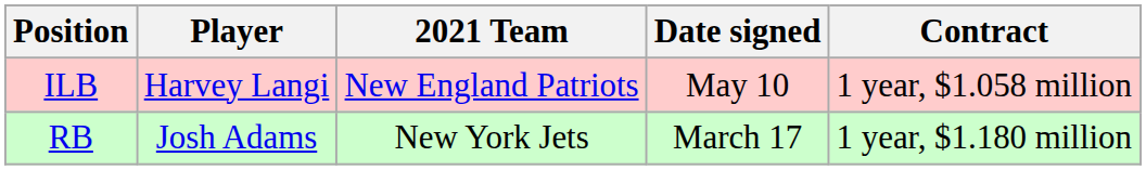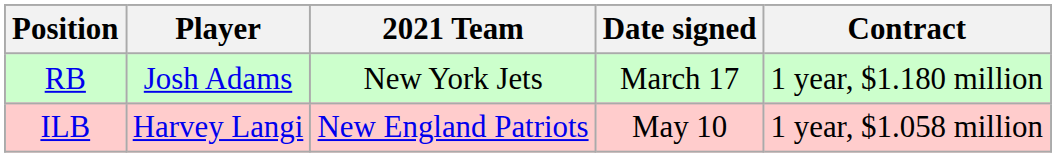 <table class="wikitable" style="text-align:center">
 <tr>
 <th>Position</th>
 <th>Player</th>
 <th>2021 Team</th>
 <th>Date signed</th>
 <th>Contract</th>
 </tr>
+<tr style="background:#cfc;">
+<td><a href='#'>RB</a></td>
+<td><a href='#'>Josh Adams</a></td>
+<td>New York Jets</td>
+<td>March 17</td>
+<td>1 year, $1.180 million</td>
+</tr>
 <tr style="background:#fcc;">
 <td><a href='#'>ILB</a></td>
 <td><a href='#'>Harvey Langi</a></td>
 <td><a href='#'>New England Patriots</a></td>
 <td>May 10</td>
 <td>1 year, $1.058 million</td>
 </tr>
-<tr style="background:#cfc;">
-<td><a href='#'>RB</a></td>
-<td><a href='#'>Josh Adams</a></td>
-<td>New York Jets</td>
-<td>March 17</td>
-<td>1 year, $1.180 million</td>
-</tr>
 </table>
